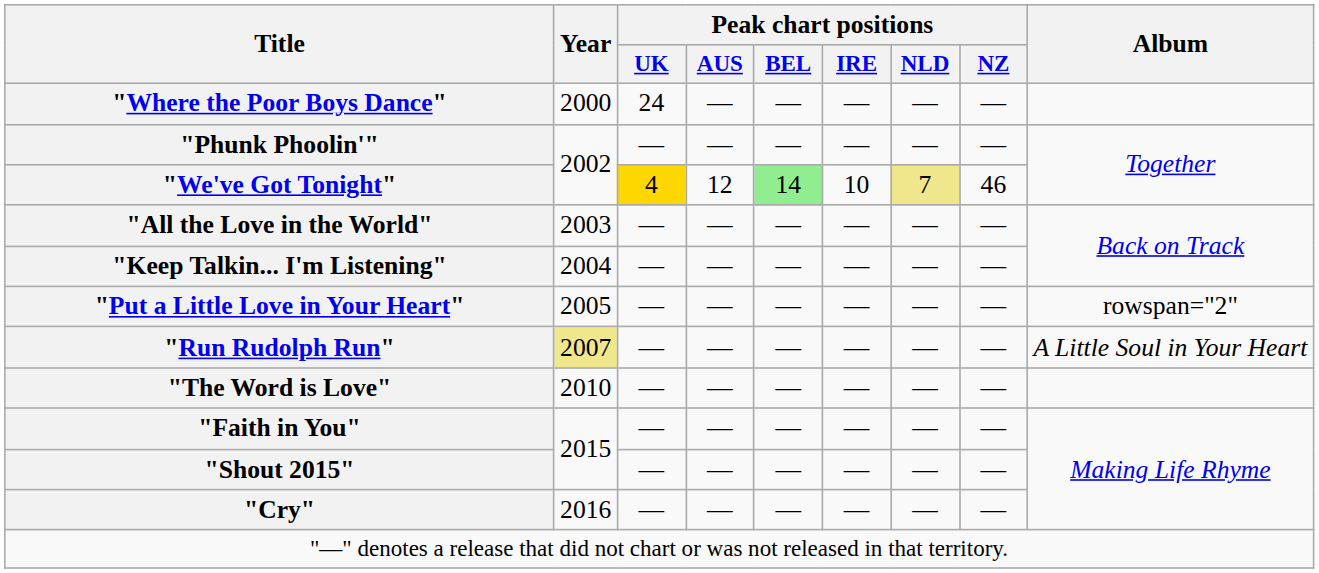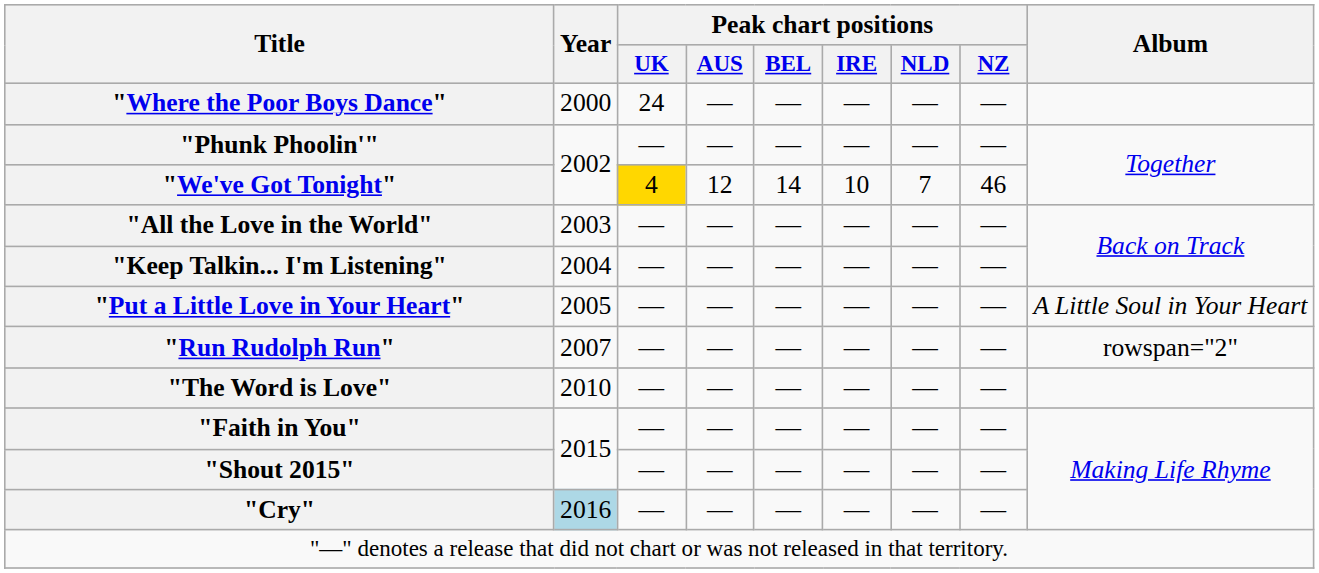 <table class="wikitable plainrowheaders" style="text-align:center;">
 <tr>
 <th scope="col" rowspan="2" style="width:21em;">Title</th>
 <th scope="col" rowspan="2">Year</th>
 <th scope="col" colspan="6">Peak chart positions</th>
 <th scope="col" rowspan="2">Album</th>
 </tr>
 <tr>
 <th style="width:2.5em;font-size:90%"><a href='#'>UK</a><br></th>
 <th style="width:2.5em;font-size:90%"><a href='#'>AUS</a><br></th>
 <th style="width:2.5em;font-size:90%"><a href='#'>BEL</a></th>
 <th style="width:2.5em;font-size:90%"><a href='#'>IRE</a></th>
 <th style="width:2.5em;font-size:90%"><a href='#'>NLD</a></th>
 <th style="width:2.5em;font-size:90%"><a href='#'>NZ</a></th>
 </tr>
 <tr>
 <th scope="row">"<a href='#'>Where the Poor Boys Dance</a>"</th>
 <td>2000</td>
 <td>24</td>
 <td>—</td>
 <td>—</td>
 <td>—</td>
 <td>—</td>
 <td>—</td>
 <td></td>
 </tr>
 <tr>
 <th scope="row">"Phunk Phoolin'"<br></th>
 <td rowspan="2">2002</td>
 <td>—</td>
 <td>—</td>
 <td>—</td>
 <td>—</td>
 <td>—</td>
 <td>—</td>
 <td rowspan="2"><em><a href='#'>Together</a></em></td>
 </tr>
 <tr>
 <th scope="row">"<a href='#'>We've Got Tonight</a>"<br></th>
 <td style="background: gold;">4</td>
 <td>12</td>
-<td style="background: lightgreen;">14</td>
+<td>14</td>
 <td>10</td>
-<td style="background: khaki;">7</td>
+<td>7</td>
 <td>46</td>
 </tr>
 <tr>
 <th scope="row">"All the Love in the World"</th>
 <td>2003</td>
 <td>—</td>
 <td>—</td>
 <td>—</td>
 <td>—</td>
 <td>—</td>
 <td>—</td>
 <td rowspan="2"><em><a href='#'>Back on Track</a></em></td>
 </tr>
 <tr>
 <th scope="row">"Keep Talkin... I'm Listening"</th>
 <td>2004</td>
 <td>—</td>
 <td>—</td>
 <td>—</td>
 <td>—</td>
 <td>—</td>
 <td>—</td>
 </tr>
 <tr>
 <th scope="row">"<a href='#'>Put a Little Love in Your Heart</a>"</th>
 <td>2005</td>
 <td>—</td>
 <td>—</td>
 <td>—</td>
 <td>—</td>
 <td>—</td>
 <td>—</td>
-<td>rowspan="2" </td>
+<td><em>A Little Soul in Your Heart</em></td>
 </tr>
 <tr>
 <th scope="row">"<a href='#'>Run Rudolph Run</a>"</th>
-<td style="background: khaki;">2007</td>
+<td>2007</td>
 <td>—</td>
 <td>—</td>
 <td>—</td>
 <td>—</td>
 <td>—</td>
 <td>—</td>
-<td><em>A Little Soul in Your Heart</em></td>
+<td>rowspan="2" </td>
 </tr>
 <tr>
 <th scope="row">"The Word is Love"</th>
 <td>2010</td>
 <td>—</td>
 <td>—</td>
 <td>—</td>
 <td>—</td>
 <td>—</td>
 <td>—</td>
 </tr>
 <tr>
 <th scope="row">"Faith in You"</th>
 <td rowspan="2">2015</td>
 <td>—</td>
 <td>—</td>
 <td>—</td>
 <td>—</td>
 <td>—</td>
 <td>—</td>
 <td rowspan="3"><em><a href='#'>Making Life Rhyme</a></em></td>
 </tr>
 <tr>
 <th scope="row">"Shout 2015"</th>
 <td>—</td>
 <td>—</td>
 <td>—</td>
 <td>—</td>
 <td>—</td>
 <td>—</td>
 </tr>
 <tr>
 <th scope="row">"Cry"<br></th>
-<td>2016</td>
+<td style="background: lightblue;">2016</td>
 <td>—</td>
 <td>—</td>
 <td>—</td>
 <td>—</td>
 <td>—</td>
 <td>—</td>
 </tr>
 <tr>
 <td colspan="9" style="font-size:90%">"—" denotes a release that did not chart or was not released in that territory.</td>
 </tr>
 </table>
